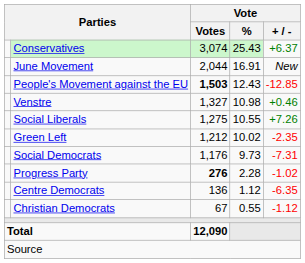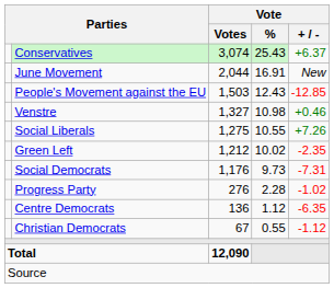 <table class="wikitable" style="text-align:right;">
 <tr>
 <th style="text-align:centre;" rowspan="2" colspan="2" width="225">Parties</th>
 <th colspan="3">Vote</th>
 </tr>
 <tr>
 <th width="15">Votes</th>
 <th width="15">%</th>
 <th width="15">+ / -</th>
 </tr>
 <tr>
 <td width="2" style="color:inherit;background:"></td>
 <td bgcolor=#ccf7cc   align="left"><a href='#'>Conservatives</a></td>
 <td bgcolor=#ccf7cc>3,074</td>
 <td bgcolor=#ccf7cc>25.43</td>
 <td style=color:green;>+6.37</td>
 </tr>
 <tr>
 <td width="2" style="color:inherit;background:"></td>
 <td align="left"><a href='#'>June Movement</a></td>
 <td>2,044</td>
 <td>16.91</td>
 <td><em>New</em></td>
 </tr>
 <tr>
 <td width="2" style="color:inherit;background:"></td>
 <td align="left"><a href='#'>People's Movement against the EU</a></td>
-<td><strong>1,503</strong></td>
+<td>1,503</td>
 <td>12.43</td>
 <td style=color:red;>-12.85</td>
 </tr>
 <tr>
 <td width="2" style="color:inherit;background:"></td>
 <td align="left"><a href='#'>Venstre</a></td>
 <td>1,327</td>
 <td>10.98</td>
 <td style=color:green;>+0.46</td>
 </tr>
 <tr>
 <td width="2" style="color:inherit;background:"></td>
 <td align="left"><a href='#'>Social Liberals</a></td>
 <td>1,275</td>
 <td>10.55</td>
 <td style=color:green;>+7.26</td>
 </tr>
 <tr>
 <td width="2" style="color:inherit;background:"></td>
 <td align="left"><a href='#'>Green Left</a></td>
 <td>1,212</td>
 <td>10.02</td>
 <td style=color:red;>-2.35</td>
 </tr>
 <tr>
 <td width="2" style="color:inherit;background:"></td>
 <td align="left"><a href='#'>Social Democrats</a></td>
 <td>1,176</td>
 <td>9.73</td>
 <td style=color:red;>-7.31</td>
 </tr>
 <tr>
 <td width="2" style="color:inherit;background:"></td>
 <td align="left"><a href='#'>Progress Party</a></td>
-<td><strong>276</strong></td>
+<td>276</td>
 <td>2.28</td>
 <td style=color:red;>-1.02</td>
 </tr>
 <tr>
 <td width="2" style="color:inherit;background:"></td>
 <td align="left"><a href='#'>Centre Democrats</a></td>
 <td>136</td>
 <td>1.12</td>
 <td style=color:red;>-6.35</td>
 </tr>
 <tr>
 <td width="2" style="color:inherit;background:"></td>
 <td align="left"><a href='#'>Christian Democrats</a></td>
 <td>67</td>
 <td>0.55</td>
 <td style=color:red;>-1.12</td>
 </tr>
 <tr>
 <td colspan="7" bgcolor="#E9E9E9"></td>
 </tr>
 <tr>
 <td align="left" colspan="2"><strong>Total</strong></td>
 <td><strong>12,090</strong></td>
 <td bgcolor="#E9E9E9" colspan="2"></td>
 </tr>
 <tr>
 <td align="left" colspan="6">Source</td>
 </tr>
 </table>
